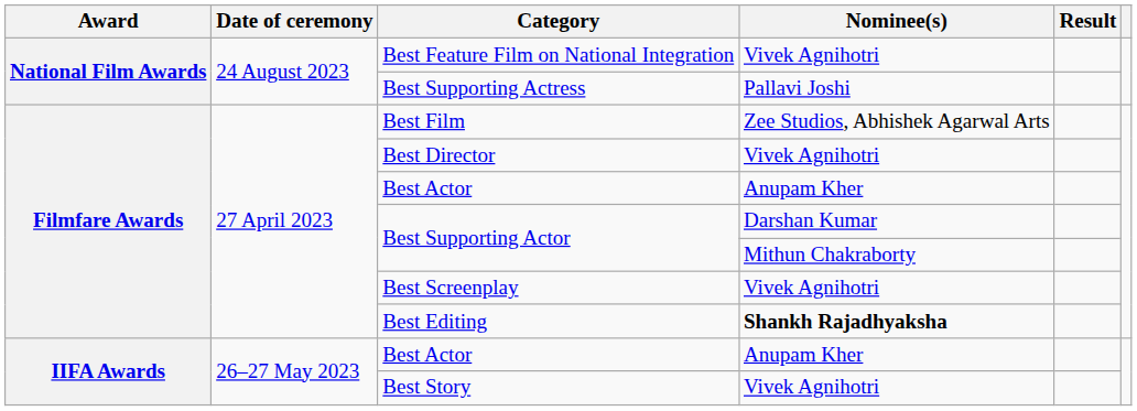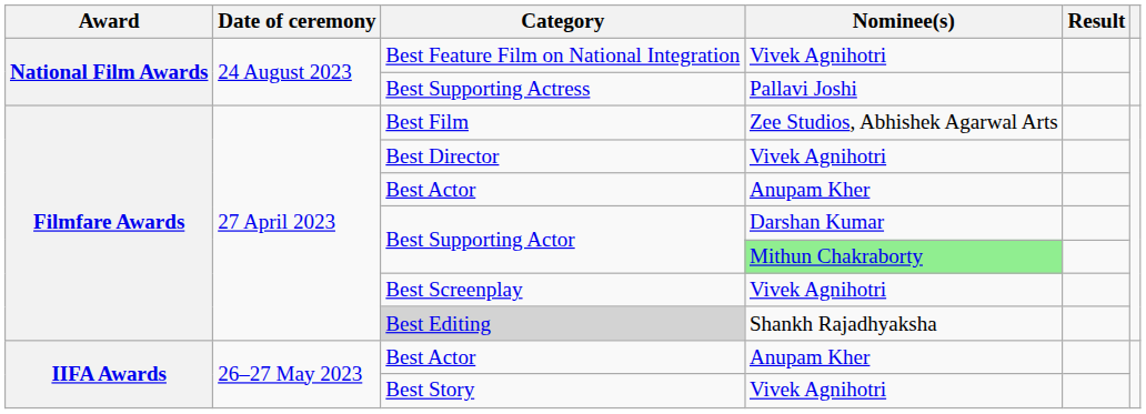 <table class="wikitable sortable plainrowheaders">
 <tr>
 <th scope="col">Award</th>
 <th scope="col">Date of ceremony</th>
 <th scope="col">Category</th>
 <th scope="col">Nominee(s)</th>
 <th scope="col">Result</th>
 <th scope="col" class="unsortable"></th>
 </tr>
 <tr>
 <th scope="row" rowspan="2"><a href='#'>National Film Awards</a></th>
 <td rowspan="2"><a href='#'>24 August 2023</a></td>
 <td><a href='#'>Best Feature Film on National Integration</a></td>
 <td><a href='#'>Vivek Agnihotri</a></td>
 <td></td>
 <td rowspan="2" align="center"></td>
 </tr>
 <tr>
 <td><a href='#'>Best Supporting Actress</a></td>
 <td><a href='#'>Pallavi Joshi</a></td>
 <td></td>
 </tr>
 <tr>
 <th scope="row" rowspan="7"><a href='#'>Filmfare Awards</a></th>
 <td rowspan="7"><a href='#'>27 April 2023</a></td>
 <td><a href='#'>Best Film</a></td>
 <td><a href='#'>Zee Studios</a>, Abhishek Agarwal Arts</td>
 <td></td>
 <td rowspan="7" align="center"></td>
 </tr>
 <tr>
 <td><a href='#'>Best Director</a></td>
 <td><a href='#'>Vivek Agnihotri</a></td>
 <td></td>
 </tr>
 <tr>
 <td><a href='#'>Best Actor</a></td>
 <td><a href='#'>Anupam Kher</a></td>
 <td></td>
 </tr>
 <tr>
 <td rowspan="2"><a href='#'>Best Supporting Actor</a></td>
 <td><a href='#'>Darshan Kumar</a></td>
 <td></td>
 </tr>
 <tr>
-<td><a href='#'>Mithun Chakraborty</a></td>
+<td style="background: lightgreen;"><a href='#'>Mithun Chakraborty</a></td>
 <td></td>
 </tr>
 <tr>
 <td><a href='#'>Best Screenplay</a></td>
 <td><a href='#'>Vivek Agnihotri</a></td>
 <td></td>
 </tr>
 <tr>
-<td><a href='#'>Best Editing</a></td>
-<td><strong>Shankh Rajadhyaksha</strong></td>
+<td style="background: lightgrey;"><a href='#'>Best Editing</a></td>
+<td>Shankh Rajadhyaksha</td>
 <td></td>
 </tr>
 <tr>
 <th scope="row" rowspan="2"><a href='#'>IIFA Awards</a></th>
 <td rowspan="2"><a href='#'>26–27 May 2023</a></td>
 <td><a href='#'>Best Actor</a></td>
 <td><a href='#'>Anupam Kher</a></td>
 <td></td>
 <td rowspan="2" align="center"></td>
 </tr>
 <tr>
 <td><a href='#'>Best Story</a></td>
 <td><a href='#'>Vivek Agnihotri</a></td>
 <td></td>
 </tr>
 </table>
